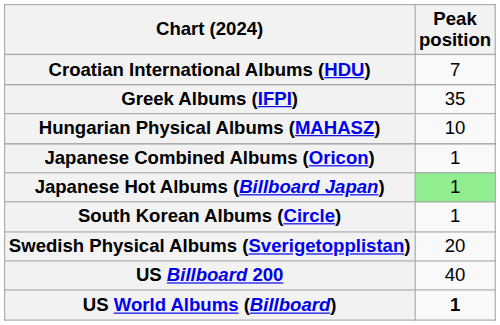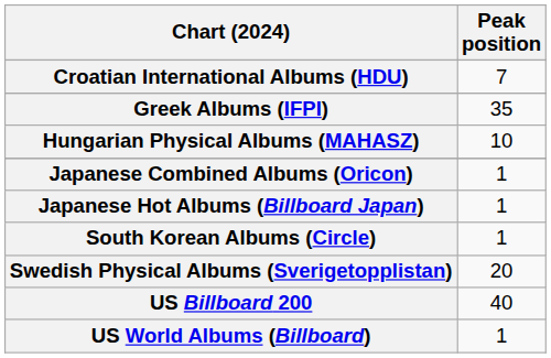 <table class="wikitable sortable plainrowheaders" style="text-align:center;">
 <tr>
 <th scope="col">Chart (2024)</th>
 <th scope="col">Peak<br>position</th>
 </tr>
 <tr>
 </tr>
 <tr>
 <th scope="row">Croatian International Albums (<a href='#'>HDU</a>)</th>
 <td>7</td>
 </tr>
 <tr>
 </tr>
 <tr>
 <th scope="row">Greek Albums (<a href='#'>IFPI</a>)</th>
 <td>35</td>
 </tr>
 <tr>
 <th scope="row">Hungarian Physical Albums (<a href='#'>MAHASZ</a>)</th>
 <td>10</td>
 </tr>
 <tr>
 </tr>
 <tr>
 <th scope="row">Japanese Combined Albums (<a href='#'>Oricon</a>)</th>
 <td>1</td>
 </tr>
 <tr>
 <th scope="row">Japanese Hot Albums (<em><a href='#'>Billboard Japan</a></em>)</th>
-<td style="background: lightgreen;">1</td>
+<td>1</td>
 </tr>
 <tr>
 <th scope="row">South Korean Albums (<a href='#'>Circle</a>)</th>
 <td>1</td>
 </tr>
 <tr>
 <th scope="row">Swedish Physical Albums (<a href='#'>Sverigetopplistan</a>)</th>
 <td>20</td>
 </tr>
 <tr>
 <th scope="row">US <a href='#'><em>Billboard</em> 200</a></th>
 <td>40</td>
 </tr>
 <tr>
 <th scope="row">US <a href='#'>World Albums</a> (<em><a href='#'>Billboard</a></em>)</th>
-<td><strong>1</strong></td>
+<td>1</td>
 </tr>
 </table>
